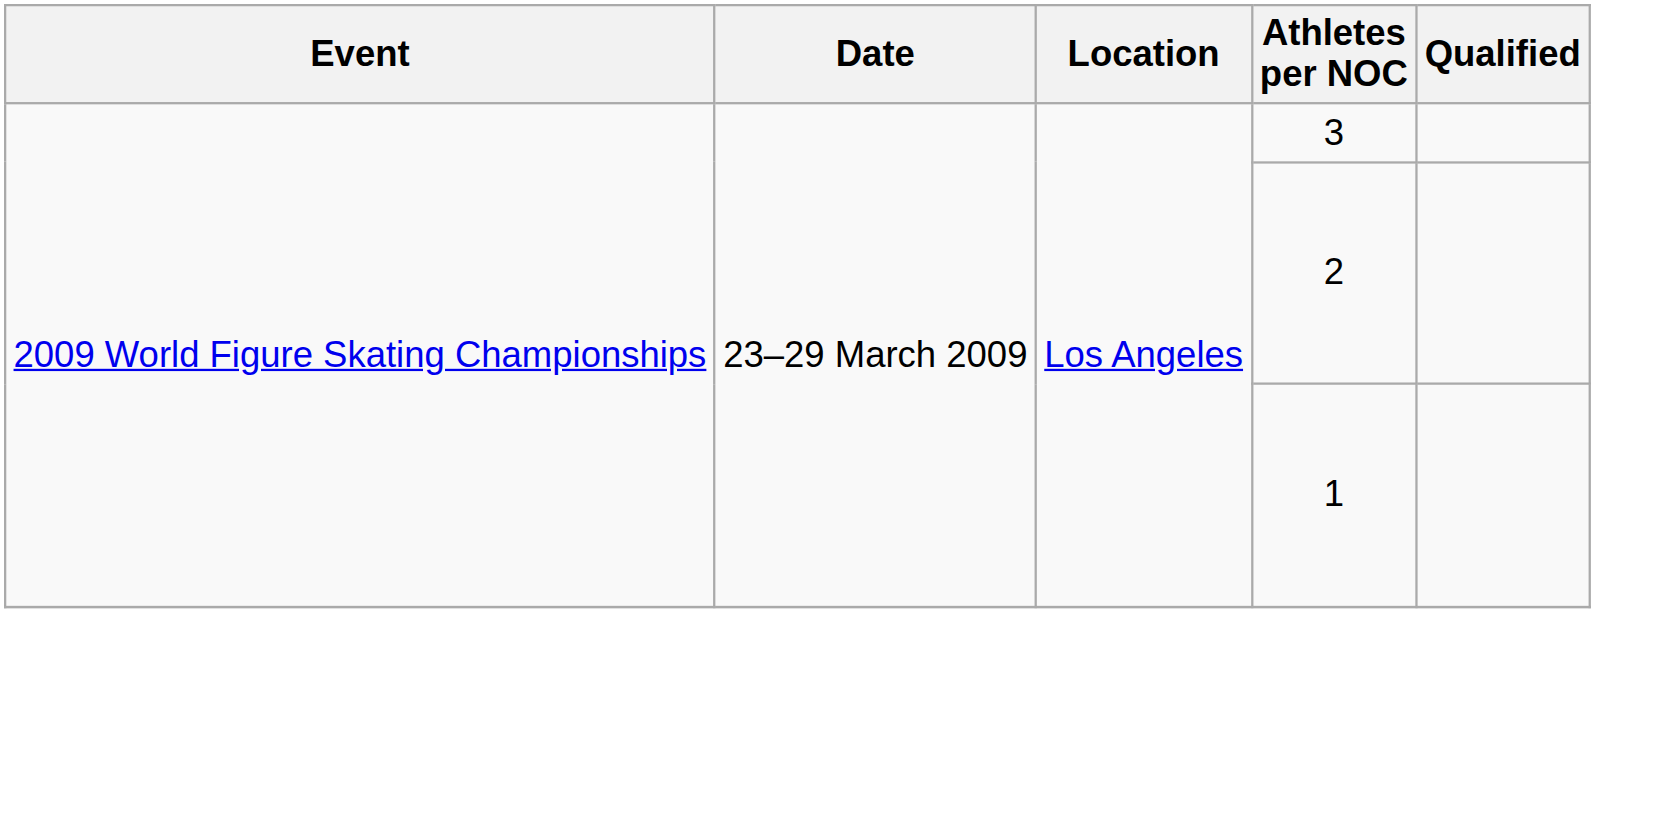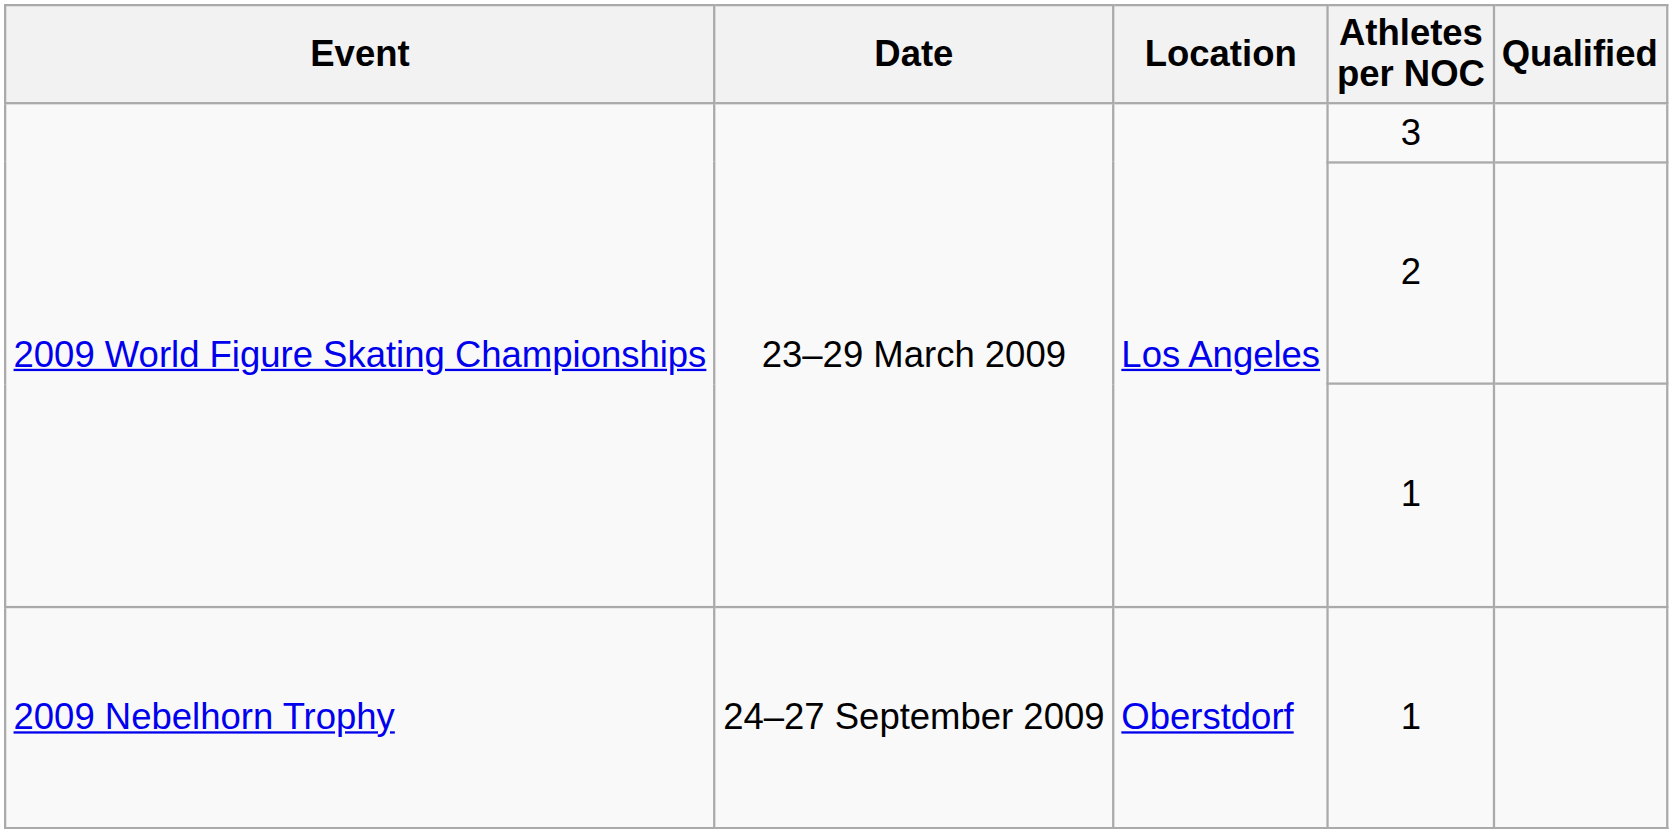 <table class="wikitable">
 <tr>
 <th>Event</th>
 <th>Date</th>
 <th>Location</th>
 <th>Athletes <br> per NOC</th>
 <th>Qualified</th>
 </tr>
 <tr>
 <td rowspan = 3><a href='#'>2009 World Figure Skating Championships</a></td>
 <td rowspan = 3 align="center">23–29 March 2009</td>
 <td rowspan = 3> <a href='#'>Los Angeles</a></td>
 <td align="center">3</td>
 <td> <br> </td>
 </tr>
 <tr>
 <td align="center">2</td>
 <td> <br>  <br>  <br>  <br>  <br> </td>
 </tr>
 <tr>
 <td align="center">1</td>
 <td> <br>  <br>  <br>  <br>  <br> </td>
 </tr>
 <tr>
+<td><a href='#'>2009 Nebelhorn Trophy</a></td>
+<td align="center">24–27 September 2009</td>
+<td> <a href='#'>Oberstdorf</a></td>
+<td align="center">1</td>
+<td><br><br><br><br><br></td>
+</tr>
+<tr>
 </tr>
 </table>
